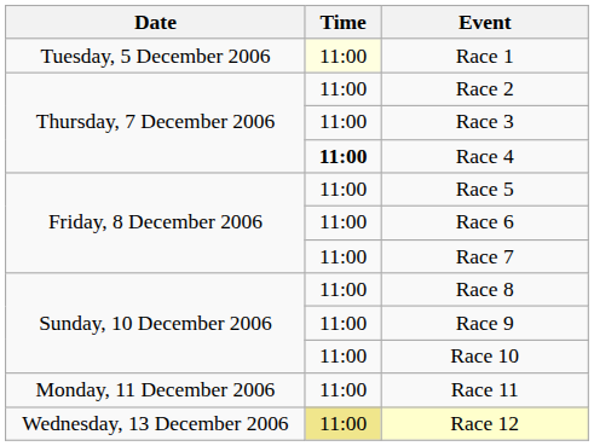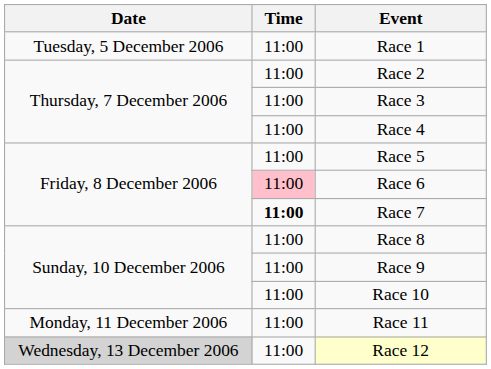 <table class = "wikitable" style="text-align:center;">
 <tr>
 <th width=220>Date</th>
 <th width=50>Time</th>
 <th width=150>Event</th>
 </tr>
 <tr>
 <td>Tuesday, 5 December 2006</td>
-<td style="background: lightyellow;">11:00</td>
+<td>11:00</td>
 <td>Race 1</td>
 </tr>
 <tr>
 <td rowspan=3>Thursday, 7 December 2006</td>
 <td>11:00</td>
 <td>Race 2</td>
 </tr>
 <tr>
 <td>11:00</td>
 <td>Race 3</td>
 </tr>
 <tr>
-<td><strong>11:00</strong></td>
+<td>11:00</td>
 <td>Race 4</td>
 </tr>
 <tr>
 <td rowspan=3>Friday, 8 December 2006</td>
 <td>11:00</td>
 <td>Race 5</td>
 </tr>
 <tr>
-<td>11:00</td>
+<td style="background: pink;">11:00</td>
 <td>Race 6</td>
 </tr>
 <tr>
-<td>11:00</td>
+<td><strong>11:00</strong></td>
 <td>Race 7</td>
 </tr>
 <tr>
 <td rowspan=3>Sunday, 10 December 2006</td>
 <td>11:00</td>
 <td>Race 8</td>
 </tr>
 <tr>
 <td>11:00</td>
 <td>Race 9</td>
 </tr>
 <tr>
 <td>11:00</td>
 <td>Race 10</td>
 </tr>
 <tr>
 <td>Monday, 11 December 2006</td>
 <td>11:00</td>
 <td>Race 11</td>
 </tr>
 <tr>
-<td>Wednesday, 13 December 2006</td>
-<td style="background: khaki;">11:00</td>
+<td style="background: lightgrey;">Wednesday, 13 December 2006</td>
+<td>11:00</td>
 <td bgcolor=ffffcc>Race 12</td>
 </tr>
 </table>
